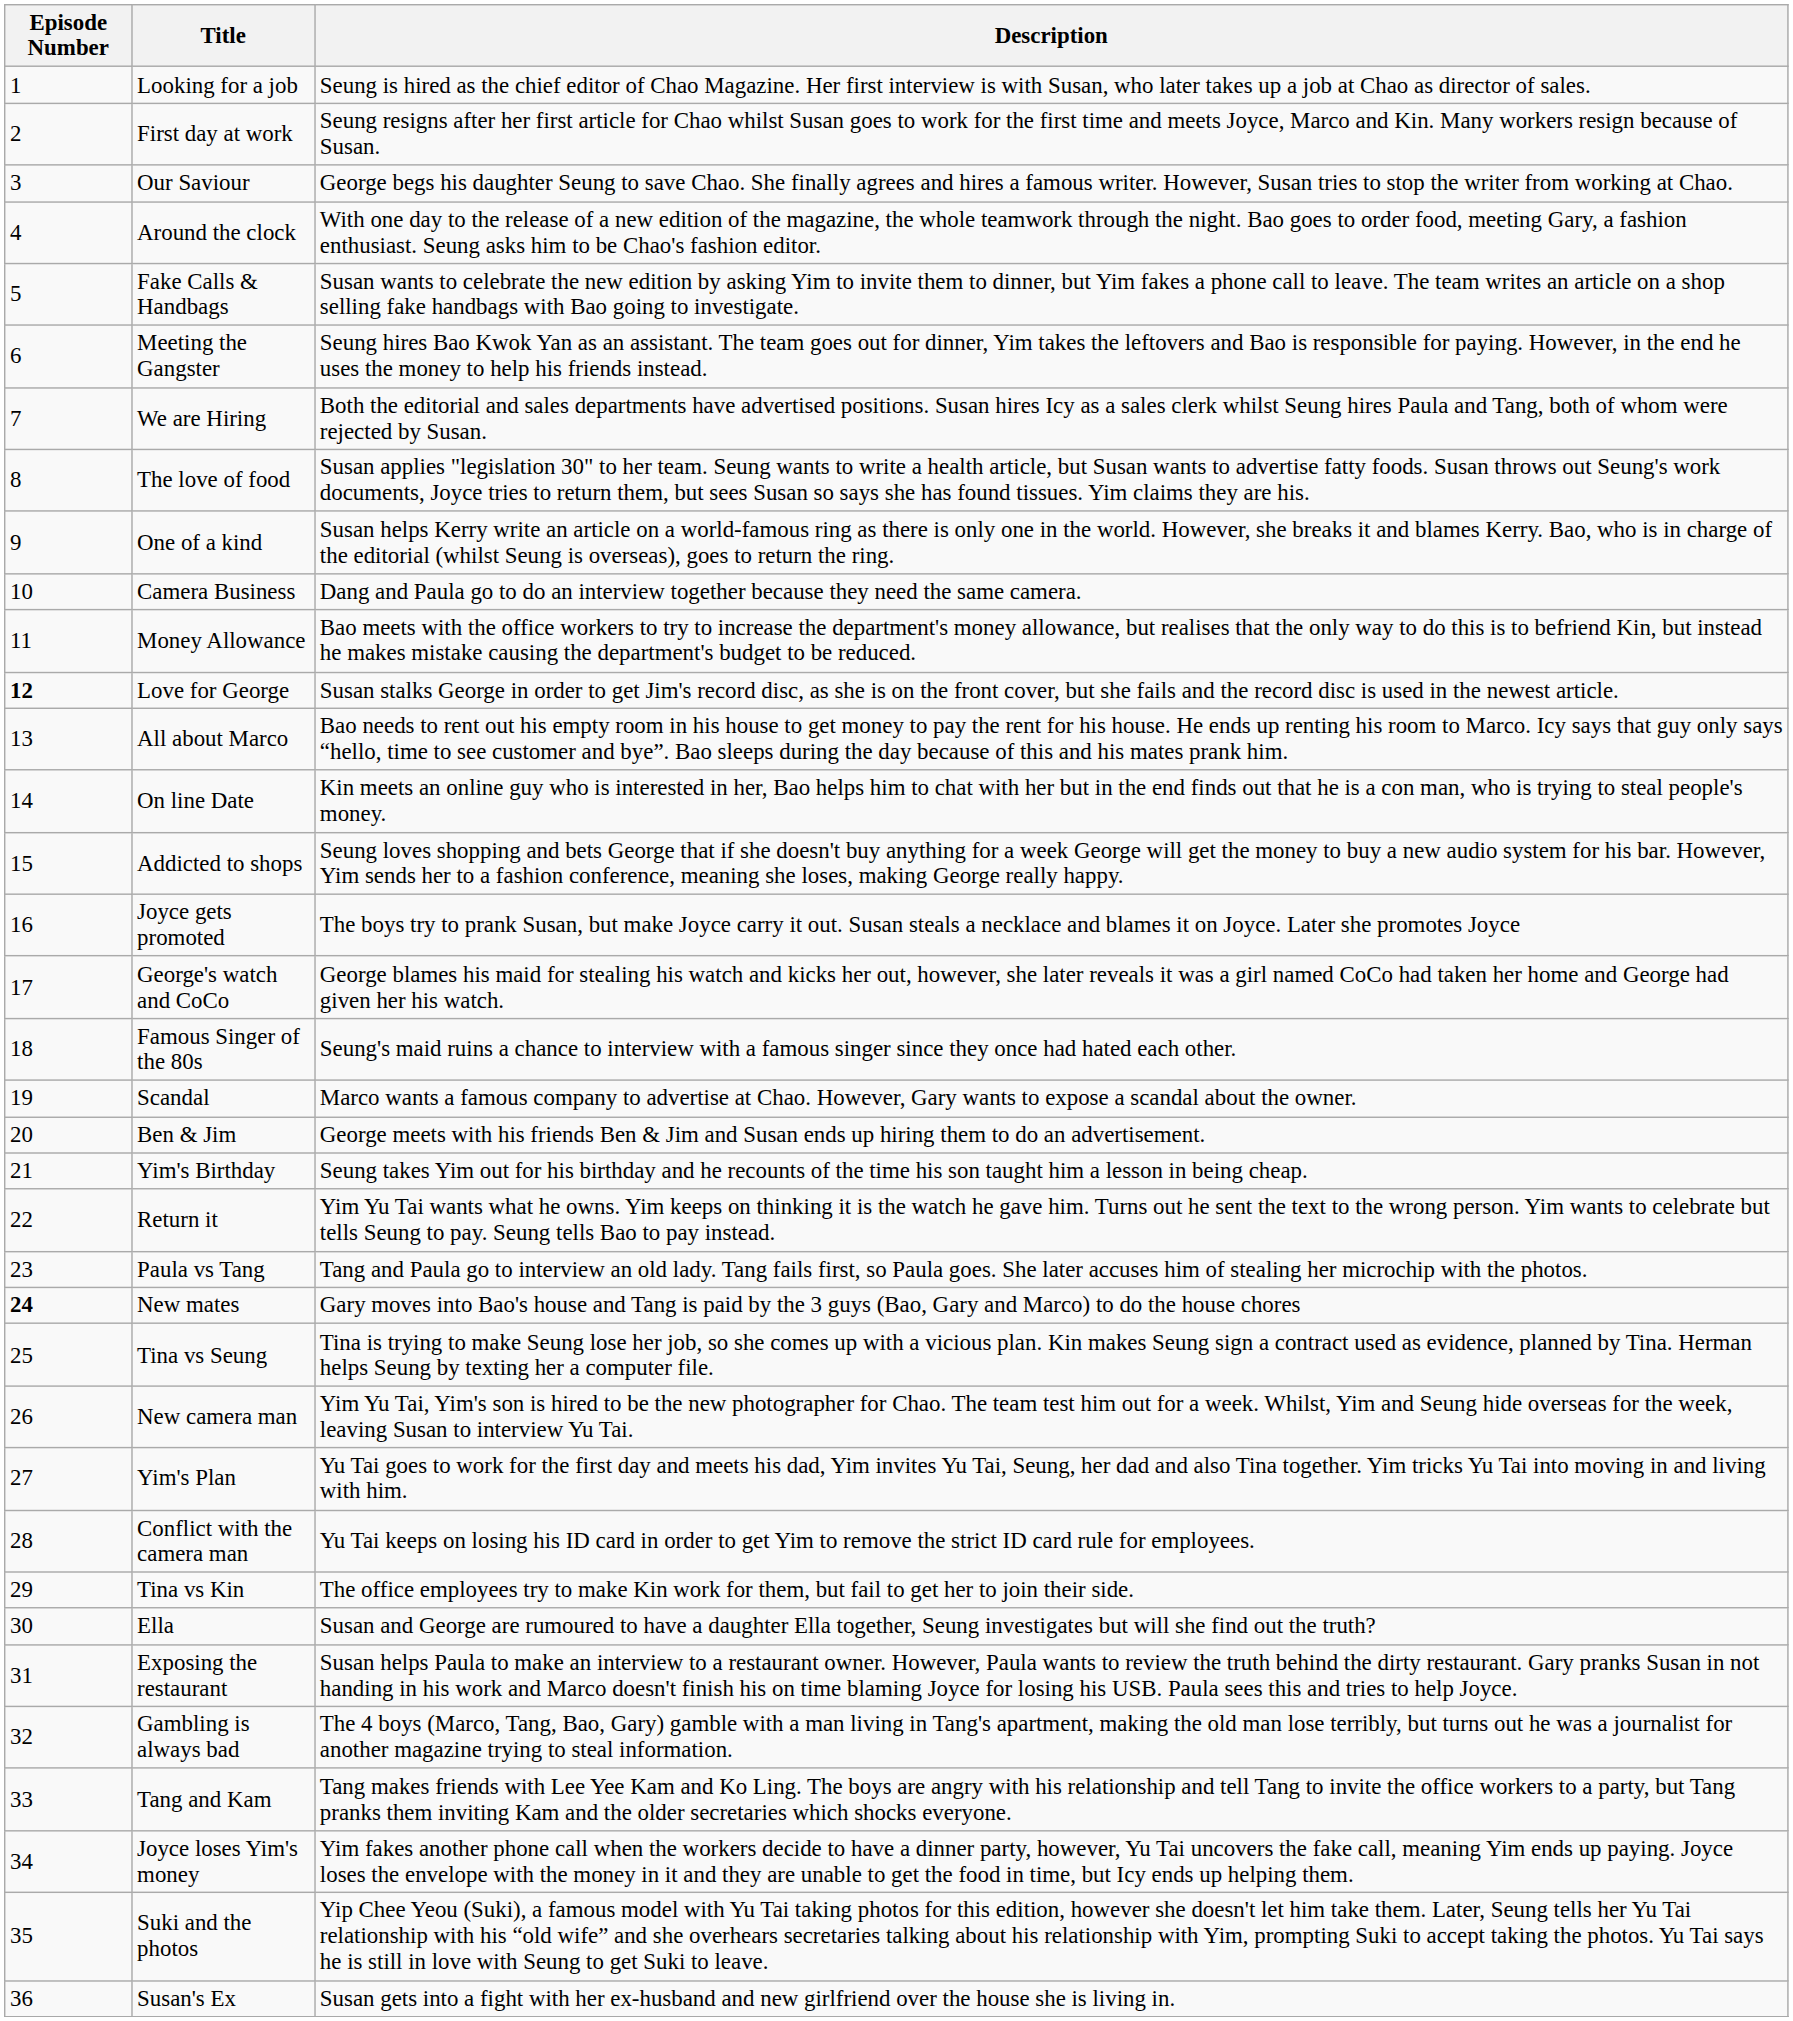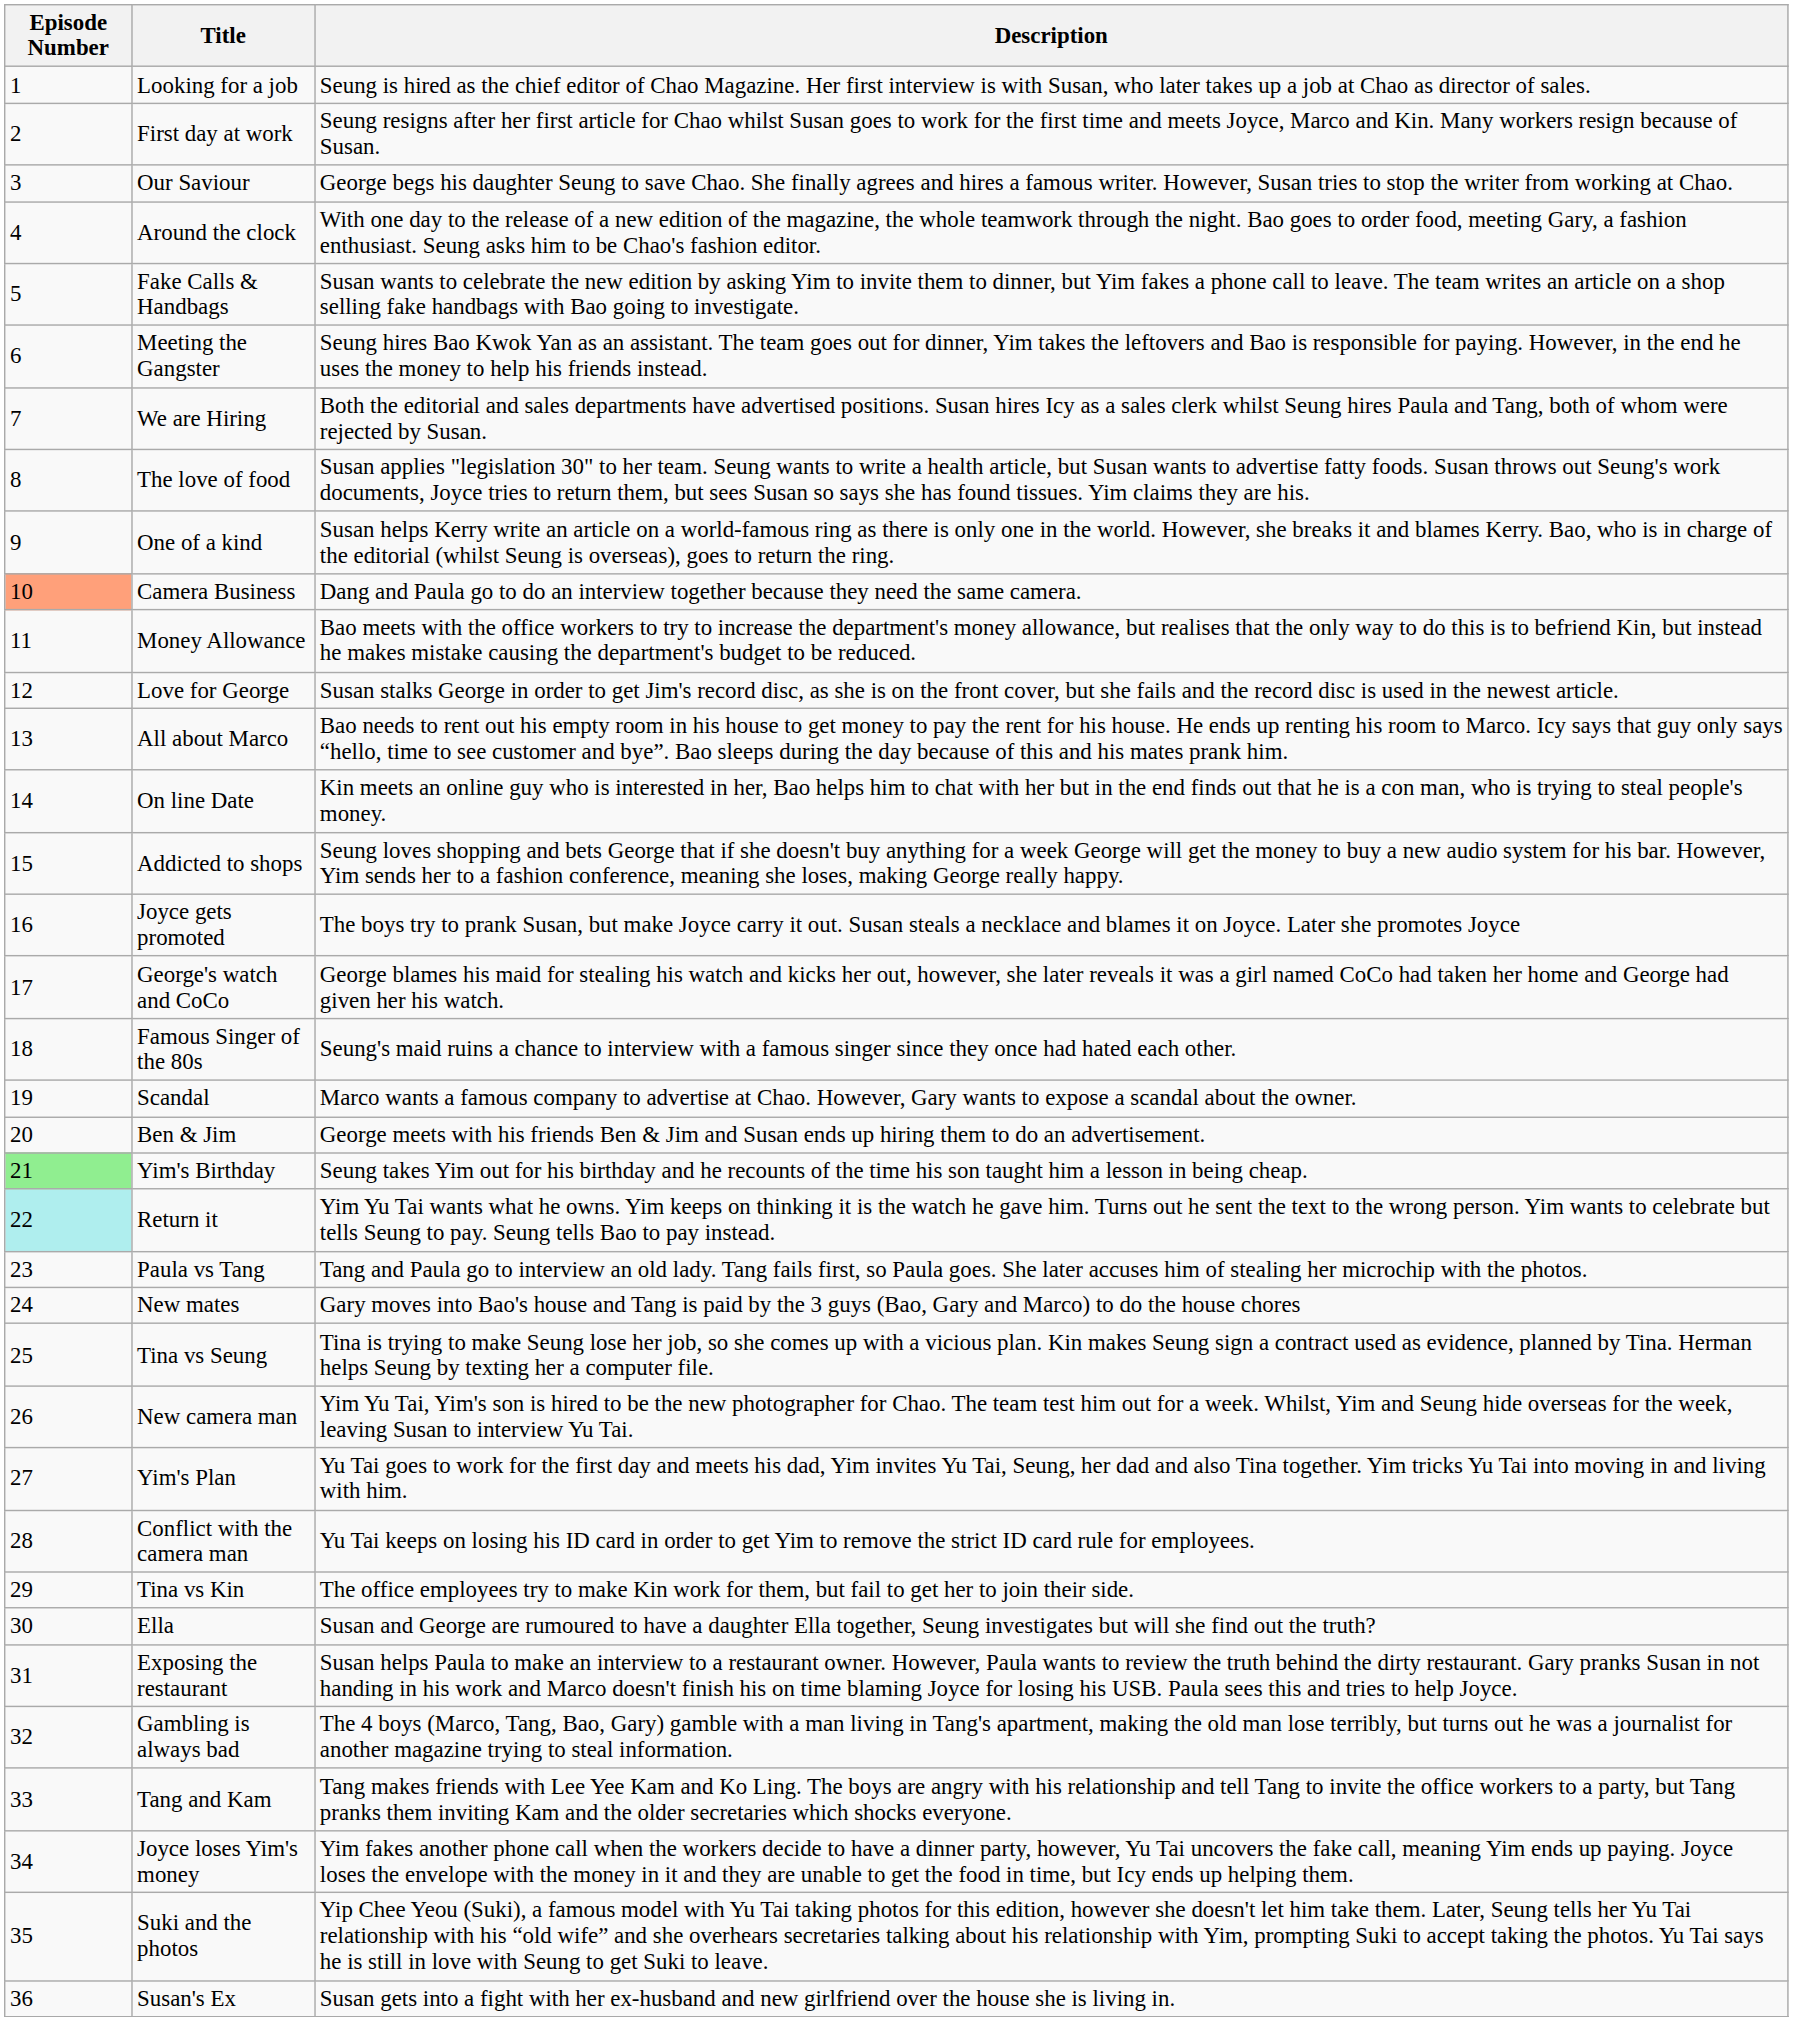 <table class="wikitable">
 <tr>
 <th>Episode Number</th>
 <th>Title</th>
 <th>Description</th>
 </tr>
 <tr>
 <td>1</td>
 <td>Looking for a job</td>
 <td>Seung is hired as the chief editor of Chao Magazine. Her first interview is with Susan, who later takes up a job at Chao as director of sales.</td>
 </tr>
 <tr>
 <td>2</td>
 <td>First day at work</td>
 <td>Seung resigns after her first article for Chao whilst Susan goes to work for the first time and meets Joyce, Marco and Kin. Many workers resign because of Susan.</td>
 </tr>
 <tr>
 <td>3</td>
 <td>Our Saviour</td>
 <td>George begs his daughter Seung to save Chao. She finally agrees and hires a famous writer. However, Susan tries to stop the writer from working at Chao.</td>
 </tr>
 <tr>
 <td>4</td>
 <td>Around the clock</td>
 <td>With one day to the release of a new edition of the magazine, the whole teamwork through the night. Bao goes to order food, meeting Gary, a fashion enthusiast. Seung asks him to be Chao's fashion editor.</td>
 </tr>
 <tr>
 <td>5</td>
 <td>Fake Calls & Handbags</td>
 <td>Susan wants to celebrate the new edition by asking Yim to invite them to dinner, but Yim fakes a phone call to leave. The team writes an article on a shop selling fake handbags with Bao going to investigate.</td>
 </tr>
 <tr>
 <td>6</td>
 <td>Meeting the Gangster</td>
 <td>Seung hires Bao Kwok Yan as an assistant. The team goes out for dinner, Yim takes the leftovers and Bao is responsible for paying. However, in the end he uses the money to help his friends instead.</td>
 </tr>
 <tr>
 <td>7</td>
 <td>We are Hiring</td>
 <td>Both the editorial and sales departments have advertised positions. Susan hires Icy as a sales clerk whilst Seung hires Paula and Tang, both of whom were rejected by Susan.</td>
 </tr>
 <tr>
 <td>8</td>
 <td>The love of food</td>
 <td>Susan applies "legislation 30" to her team. Seung wants to write a health article, but Susan wants to advertise fatty foods. Susan throws out Seung's work documents, Joyce tries to return them, but sees Susan so says she has found tissues. Yim claims they are his.</td>
 </tr>
 <tr>
 <td>9</td>
 <td>One of a kind</td>
 <td>Susan helps Kerry write an article on a world-famous ring as there is only one in the world. However, she breaks it and blames Kerry. Bao, who is in charge of the editorial (whilst Seung is overseas), goes to return the ring.</td>
 </tr>
 <tr>
-<td>10</td>
+<td style="background: lightsalmon;">10</td>
 <td>Camera Business</td>
 <td>Dang and Paula go to do an interview together because they need the same camera.</td>
 </tr>
 <tr>
 <td>11</td>
 <td>Money Allowance</td>
 <td>Bao meets with the office workers to try to increase the department's money allowance, but realises that the only way to do this is to befriend Kin, but instead he makes mistake causing the department's budget to be reduced.</td>
 </tr>
 <tr>
-<td><strong>12</strong></td>
+<td>12</td>
 <td>Love for George</td>
 <td>Susan stalks George in order to get Jim's record disc, as she is on the front cover, but she fails and the record disc is used in the newest article.</td>
 </tr>
 <tr>
 <td>13</td>
 <td>All about Marco</td>
 <td>Bao needs to rent out his empty room in his house to get money to pay the rent for his house. He ends up renting his room to Marco. Icy says that guy only says “hello, time to see customer and bye”. Bao sleeps during the day because of this and his mates prank him.</td>
 </tr>
 <tr>
 <td>14</td>
 <td>On line Date</td>
 <td>Kin meets an online guy who is interested in her, Bao helps him to chat with her but in the end finds out that he is a con man, who is trying to steal people's money.</td>
 </tr>
 <tr>
 <td>15</td>
 <td>Addicted to shops</td>
 <td>Seung loves shopping and bets George that if she doesn't buy anything for a week George will get the money to buy a new audio system for his bar. However, Yim sends her to a fashion conference, meaning she loses, making George really happy.</td>
 </tr>
 <tr>
 <td>16</td>
 <td>Joyce gets promoted</td>
 <td>The boys try to prank Susan, but make Joyce carry it out. Susan steals a necklace and blames it on Joyce. Later she promotes Joyce</td>
 </tr>
 <tr>
 <td>17</td>
 <td>George's watch and CoCo</td>
 <td>George blames his maid for stealing his watch and kicks her out, however, she later reveals it was a girl named CoCo had taken her home and George had given her his watch.</td>
 </tr>
 <tr>
 <td>18</td>
 <td>Famous Singer of the 80s</td>
 <td>Seung's maid ruins a chance to interview with a famous singer since they once had hated each other.</td>
 </tr>
 <tr>
 <td>19</td>
 <td>Scandal</td>
 <td>Marco wants a famous company to advertise at Chao. However, Gary wants to expose a scandal about the owner.</td>
 </tr>
 <tr>
 <td>20</td>
 <td>Ben & Jim</td>
 <td>George meets with his friends Ben & Jim and Susan ends up hiring them to do an advertisement.</td>
 </tr>
 <tr>
-<td>21</td>
+<td style="background: lightgreen;">21</td>
 <td>Yim's Birthday</td>
 <td>Seung takes Yim out for his birthday and he recounts of the time his son taught him a lesson in being cheap.</td>
 </tr>
 <tr  >
-<td>22</td>
+<td style="background: paleturquoise;">22</td>
 <td>Return it</td>
 <td>Yim Yu Tai wants what he owns. Yim keeps on thinking it is the watch he gave him.  Turns out he sent the text to the wrong person. Yim wants to celebrate but tells Seung to pay. Seung tells Bao to pay instead.</td>
 </tr>
 <tr>
 <td>23</td>
 <td>Paula vs Tang</td>
 <td>Tang and Paula go to interview an old lady. Tang fails first, so Paula goes. She later accuses him of stealing her microchip with the photos.</td>
 </tr>
 <tr>
-<td><strong>24</strong></td>
+<td>24</td>
 <td>New mates</td>
 <td>Gary moves into Bao's house and Tang is paid by the 3 guys (Bao, Gary and Marco) to do the house chores</td>
 </tr>
 <tr>
 <td>25</td>
 <td>Tina vs Seung</td>
 <td>Tina is trying to make Seung lose her job, so she comes up with a vicious plan. Kin makes Seung sign a contract used as evidence, planned by Tina. Herman helps Seung by texting her a computer file.</td>
 </tr>
 <tr>
 <td>26</td>
 <td>New camera man</td>
 <td>Yim Yu Tai, Yim's son is hired to be the new photographer for Chao. The team test him out for a week. Whilst, Yim and Seung hide overseas for the week, leaving Susan to interview Yu Tai.</td>
 </tr>
 <tr>
 <td>27</td>
 <td>Yim's Plan</td>
 <td>Yu Tai goes to work for the first day and meets his dad, Yim invites Yu Tai, Seung, her dad and also Tina together. Yim tricks Yu Tai into moving in and living with him.</td>
 </tr>
 <tr>
 <td>28</td>
 <td>Conflict with the camera man</td>
 <td>Yu Tai keeps on losing his ID card in order to get Yim to remove the strict ID card rule for employees.</td>
 </tr>
 <tr>
 <td>29</td>
 <td>Tina vs Kin</td>
 <td>The office employees try to make Kin work for them, but fail to get her to join their side.</td>
 </tr>
 <tr>
 <td>30</td>
 <td>Ella</td>
 <td>Susan and George are rumoured to have a daughter Ella together, Seung investigates but will she find out the truth?</td>
 </tr>
 <tr>
 <td>31</td>
 <td>Exposing the restaurant</td>
 <td>Susan helps Paula to make an interview to a restaurant owner. However, Paula wants to review the truth behind the dirty restaurant. Gary pranks Susan in not handing in his work and Marco doesn't finish his on time blaming Joyce for losing his USB. Paula sees this and tries to help Joyce.</td>
 </tr>
 <tr>
 <td>32</td>
 <td>Gambling is always bad</td>
 <td>The 4 boys (Marco, Tang, Bao, Gary) gamble with a man living in Tang's apartment, making the old man lose terribly, but turns out he was a journalist for another magazine trying to steal information.</td>
 </tr>
 <tr>
 <td>33</td>
 <td>Tang and Kam</td>
 <td>Tang makes friends with Lee Yee Kam and Ko Ling. The boys are angry with his relationship and tell Tang to invite the office workers to a party, but Tang pranks them inviting Kam and the older secretaries which shocks everyone.</td>
 </tr>
 <tr>
 <td>34</td>
 <td>Joyce loses Yim's money</td>
 <td>Yim fakes another phone call when the workers decide to have a dinner party, however, Yu Tai uncovers the fake call, meaning Yim ends up paying. Joyce loses the envelope with the money in it and they are unable to get the food in time, but Icy ends up helping them.</td>
 </tr>
 <tr>
 <td>35</td>
 <td>Suki and the photos</td>
 <td>Yip Chee Yeou (Suki), a famous model with Yu Tai taking photos for this edition, however she doesn't let him take them. Later, Seung tells her Yu Tai relationship with his “old wife” and she overhears secretaries talking about his relationship with Yim, prompting Suki to accept taking the photos. Yu Tai says he is still in love with Seung to get Suki to leave.</td>
 </tr>
 <tr>
 <td>36</td>
 <td>Susan's Ex</td>
 <td>Susan gets into a fight with her ex-husband and new girlfriend over the house she is living in.</td>
 </tr>
 <tr>
 </tr>
 </table>
